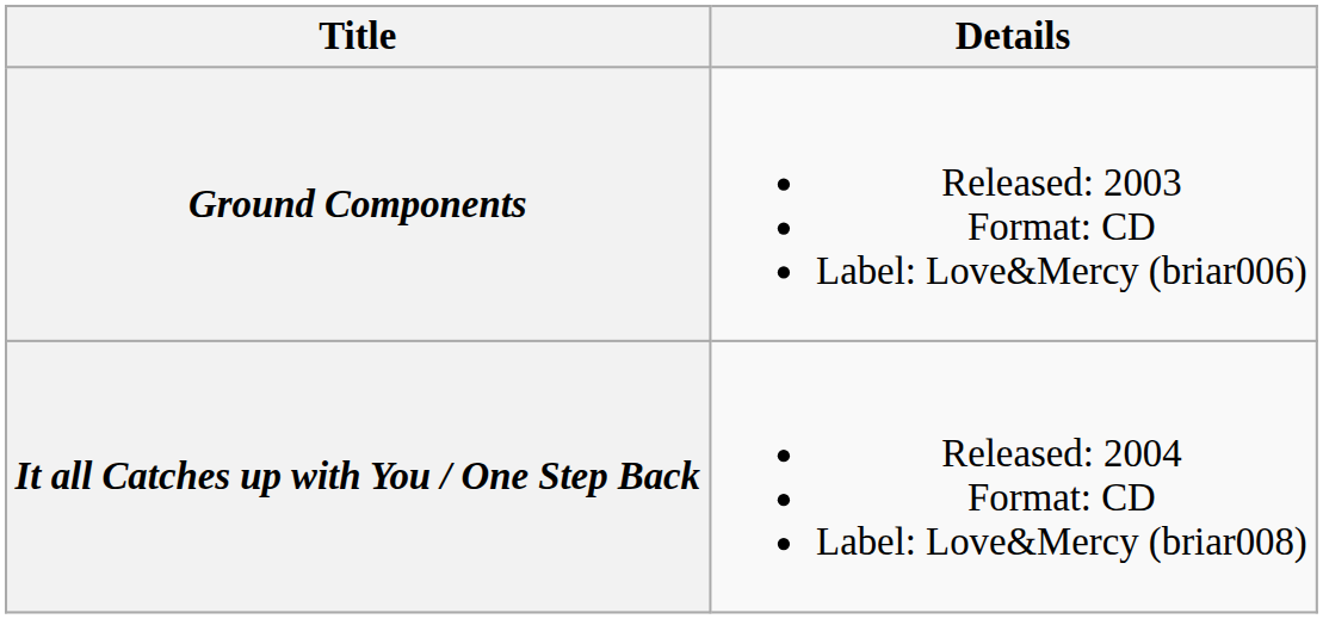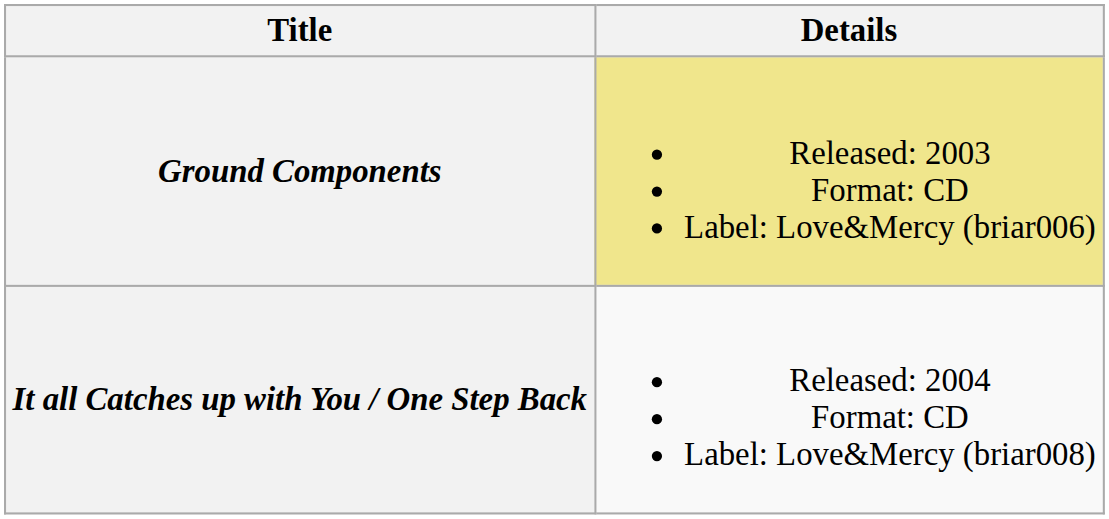 <table class="wikitable plainrowheaders" style="text-align:center;" border="1">
 <tr>
 <th>Title</th>
 <th>Details</th>
 </tr>
 <tr>
 <th scope="row"><em>Ground Components</em></th>
-<td><br><ul><li>Released: 2003</li><li>Format: CD</li><li>Label: Love&Mercy (briar006)</li></ul></td>
+<td style="background: khaki;"><br><ul><li>Released: 2003</li><li>Format: CD</li><li>Label: Love&Mercy (briar006)</li></ul></td>
 </tr>
 <tr>
 <th scope="row"><em>It all Catches up with You / One Step Back</em></th>
 <td><br><ul><li>Released: 2004</li><li>Format: CD</li><li>Label: Love&Mercy (briar008)</li></ul></td>
 </tr>
 </table>
